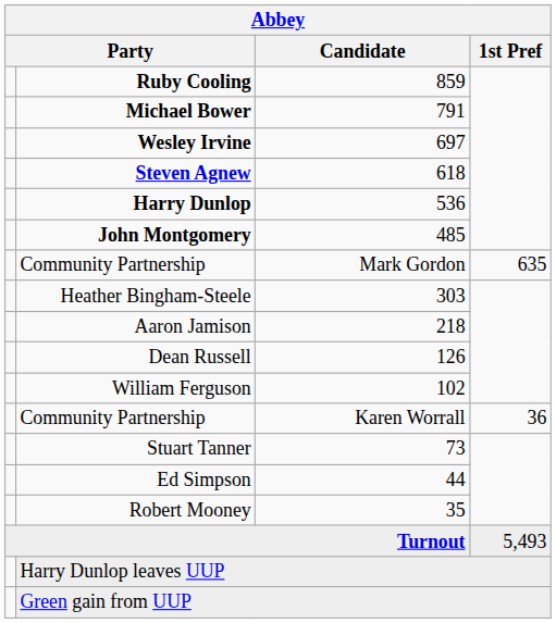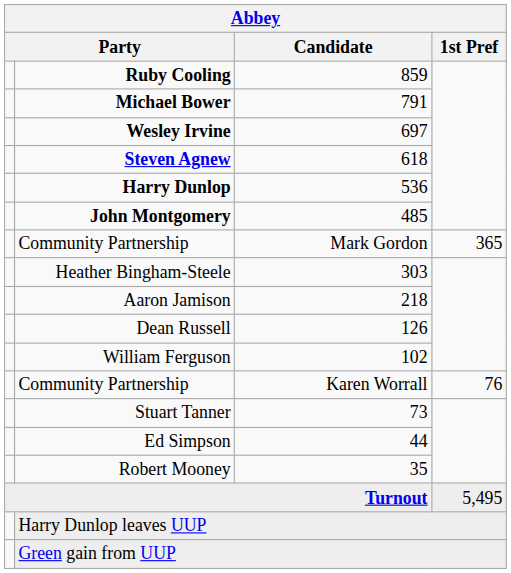 <table class="wikitable">
 <tr>
 <th colspan="4" align="center"><a href='#'>Abbey</a></th>
 </tr>
 <tr>
 <th colspan="2" align="center" width=200>Party</th>
 <th width=170>Candidate</th>
 <th width=60>1st Pref</th>
 </tr>
 <tr>
 <td></td>
 <td align="right"><strong>Ruby Cooling</strong></td>
 <td align="right">859</td>
 </tr>
 <tr>
 <td></td>
 <td align="right"><strong>Michael Bower</strong></td>
 <td align="right">791</td>
 </tr>
 <tr>
 <td></td>
 <td align="right"><strong>Wesley Irvine</strong></td>
 <td align="right">697</td>
 </tr>
 <tr>
 <td></td>
 <td align="right"><strong><a href='#'>Steven Agnew</a></strong></td>
 <td align="right">618</td>
 </tr>
 <tr>
 <td></td>
 <td align="right"><strong>Harry Dunlop</strong></td>
 <td align="right">536</td>
 </tr>
 <tr>
 <td></td>
 <td align="right"><strong>John Montgomery</strong></td>
 <td align="right">485</td>
 </tr>
 <tr>
 <td style="background-color: "></td>
 <td>Community Partnership</td>
 <td align="right">Mark Gordon</td>
-<td align="right">635</td>
+<td align="right">365</td>
 </tr>
 <tr>
 <td></td>
 <td align="right">Heather Bingham-Steele</td>
 <td align="right">303</td>
 </tr>
 <tr>
 <td></td>
 <td align="right">Aaron Jamison</td>
 <td align="right">218</td>
 </tr>
 <tr>
 <td></td>
 <td align="right">Dean Russell</td>
 <td align="right">126</td>
 </tr>
 <tr>
 <td></td>
 <td align="right">William Ferguson</td>
 <td align="right">102</td>
 </tr>
 <tr>
 <td style="background-color: "></td>
 <td>Community Partnership</td>
 <td align="right">Karen Worrall</td>
-<td align="right">36</td>
+<td align="right">76</td>
 </tr>
 <tr>
 <td></td>
 <td align="right">Stuart Tanner</td>
 <td align="right">73</td>
 </tr>
 <tr>
 <td></td>
 <td align="right">Ed Simpson</td>
 <td align="right">44</td>
 </tr>
 <tr>
 <td></td>
 <td align="right">Robert Mooney</td>
 <td align="right">35</td>
 </tr>
 <tr bgcolor="EEEEEE">
 <td colspan=3 align="right"><strong><a href='#'>Turnout</a></strong></td>
-<td align="right">5,493</td>
+<td align="right">5,495</td>
 </tr>
 <tr>
 <td bgcolor=></td>
 <td colspan=3 bgcolor="EEEEEE">Harry Dunlop leaves <a href='#'>UUP</a></td>
 </tr>
 <tr>
 <td bgcolor=></td>
 <td colspan=3 bgcolor="EEEEEE"><a href='#'>Green</a> gain from <a href='#'>UUP</a></td>
 </tr>
 </table>
